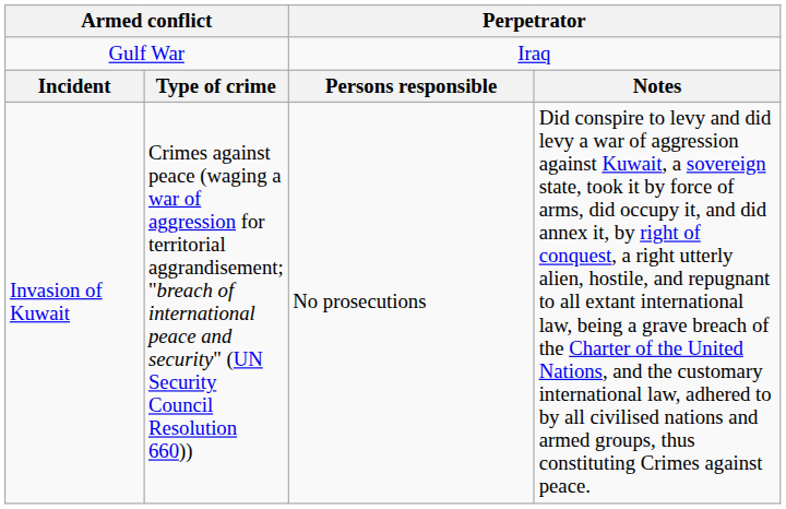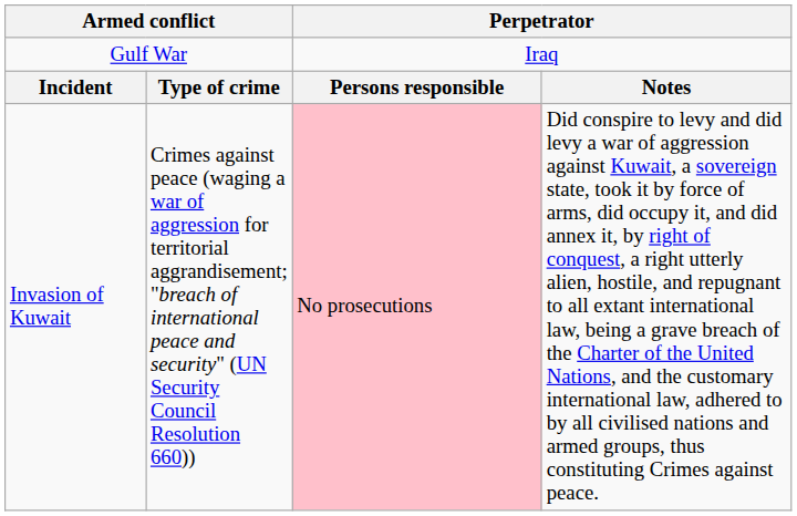 <table class="wikitable">
 <tr>
 <th colspan="2">Armed conflict</th>
 <th colspan="2">Perpetrator</th>
 </tr>
 <tr style="text-align:center;">
 <td colspan="2"><a href='#'>Gulf War</a></td>
 <td colspan="2"><a href='#'>Iraq</a></td>
 </tr>
 <tr>
 <th>Incident</th>
 <th>Type of crime</th>
 <th>Persons responsible</th>
 <th>Notes</th>
 </tr>
 <tr>
 <td style="width:18%;"><a href='#'>Invasion of Kuwait</a> </td>
 <td style="width:18%;">Crimes against peace (waging a <a href='#'>war of aggression</a> for territorial aggrandisement; "<em>breach of international peace and security</em>" (<a href='#'>UN Security Council Resolution 660</a>))</td>
-<td style="width:32%;">No prosecutions</td>
+<td style="background: pink; width:32%;">No prosecutions</td>
 <td style="width:32%;">Did conspire to levy and did levy a war of aggression against <a href='#'>Kuwait</a>, a <a href='#'>sovereign</a> state, took it by force of arms, did occupy it, and did annex it, by <a href='#'>right of conquest</a>, a right utterly alien, hostile, and repugnant to all extant international law, being a grave breach of the <a href='#'>Charter of the United Nations</a>, and the customary international law, adhered to by all civilised nations and armed groups, thus constituting Crimes against peace.</td>
 </tr>
 </table>
